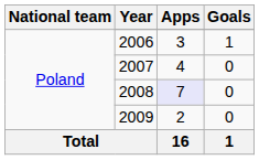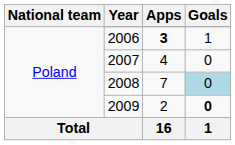 <table class="wikitable" style="text-align:center">
 <tr>
 <th>National team</th>
 <th>Year</th>
 <th>Apps</th>
 <th>Goals</th>
 </tr>
 <tr>
 <td rowspan=5><a href='#'>Poland</a></td>
 </tr>
 <tr>
 <td>2006</td>
-<td>3</td>
+<td><strong>3</strong></td>
 <td>1</td>
 </tr>
 <tr>
 <td>2007</td>
 <td>4</td>
 <td>0</td>
 </tr>
 <tr>
 <td>2008</td>
-<td style="background: lavender;">7</td>
-<td>0</td>
+<td>7</td>
+<td style="background: lightblue;">0</td>
 </tr>
 <tr>
 <td>2009</td>
 <td>2</td>
-<td>0</td>
+<td><strong>0</strong></td>
 </tr>
 <tr>
 <th colspan="2">Total</th>
 <th>16</th>
 <th>1</th>
 </tr>
 </table>
